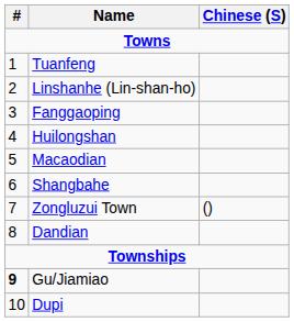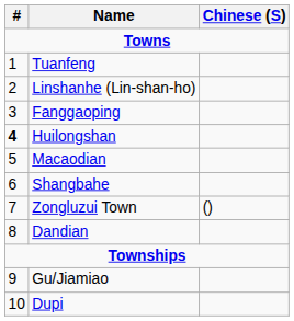 <table class="wikitable sortable">
 <tr>
 <th>#</th>
 <th>Name</th>
 <th><a href='#'>Chinese</a> (<a href='#'>S</a>)</th>
 </tr>
 <tr>
 <td style="text-align:center;" colspan="7"><strong><a href='#'>Towns</a></strong></td>
 </tr>
 <tr>
 <td>1</td>
 <td><a href='#'>Tuanfeng</a></td>
 <td></td>
 </tr>
 <tr>
 <td>2</td>
 <td><a href='#'>Linshanhe</a> (Lin-shan-ho)</td>
 <td></td>
 </tr>
 <tr>
 <td>3</td>
 <td><a href='#'>Fanggaoping</a></td>
 <td></td>
 </tr>
 <tr>
-<td>4</td>
+<td><strong>4</strong></td>
 <td><a href='#'>Huilongshan</a></td>
 <td></td>
 </tr>
 <tr>
 <td>5</td>
 <td><a href='#'>Macaodian</a></td>
 <td></td>
 </tr>
 <tr>
 <td>6</td>
 <td><a href='#'>Shangbahe</a></td>
 <td></td>
 </tr>
 <tr>
 <td>7</td>
 <td><a href='#'>Zongluzui</a> Town</td>
 <td> ()</td>
 </tr>
 <tr>
 <td>8</td>
 <td><a href='#'>Dandian</a></td>
 <td></td>
 </tr>
 <tr>
 <td style="text-align:center;" colspan="7"><strong><a href='#'>Townships</a></strong></td>
 </tr>
 <tr>
-<td><strong>9</strong></td>
+<td>9</td>
 <td>Gu/Jiamiao</td>
 <td></td>
 </tr>
 <tr>
 <td>10</td>
 <td><a href='#'>Dupi</a></td>
 <td></td>
 </tr>
 </table>
